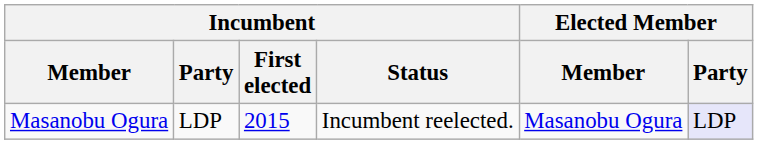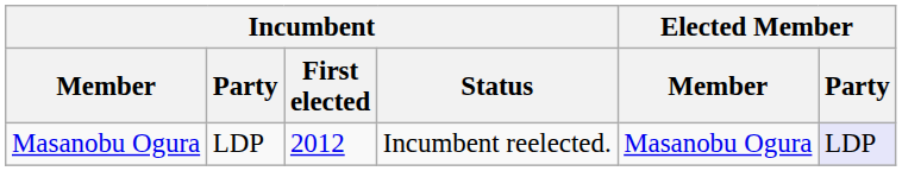 <table class="wikitable sortable">
 <tr>
 <th colspan=4>Incumbent</th>
 <th colspan=2>Elected Member</th>
 </tr>
 <tr>
 <th>Member</th>
 <th>Party</th>
 <th>First<br>elected</th>
 <th>Status</th>
 <th>Member</th>
 <th>Party</th>
 </tr>
 <tr>
 <td><a href='#'>Masanobu Ogura</a></td>
 <td>LDP</td>
-<td><a href='#'>2015</a></td>
+<td><a href='#'>2012</a></td>
 <td>Incumbent reelected.</td>
 <td><a href='#'>Masanobu Ogura</a></td>
 <td style="background: lavender;">LDP</td>
 </tr>
 </table>
